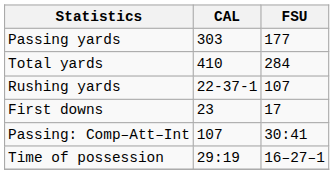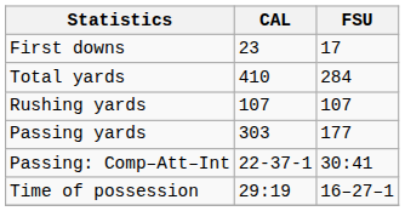 <table class="wikitable" style="float: left;">
 <tr>
 <th>Statistics</th>
 <th>CAL</th>
 <th>FSU</th>
 </tr>
 <tr>
-<td>Passing yards</td>
-<td>303</td>
-<td>177</td>
+<td>First downs</td>
+<td>23</td>
+<td>17</td>
 </tr>
 <tr>
 <td>Total yards</td>
 <td>410</td>
 <td>284</td>
 </tr>
 <tr>
 <td>Rushing yards</td>
-<td>22-37-1</td>
+<td>107</td>
 <td>107</td>
 </tr>
 <tr>
-<td>First downs</td>
-<td>23</td>
-<td>17</td>
+<td>Passing yards</td>
+<td>303</td>
+<td>177</td>
 </tr>
 <tr>
 <td>Passing: Comp–Att–Int</td>
-<td>107</td>
+<td>22-37-1</td>
 <td>30:41</td>
 </tr>
 <tr>
 <td>Time of possession</td>
 <td>29:19</td>
 <td>16–27–1</td>
 </tr>
 <tr>
 </tr>
 </table>
